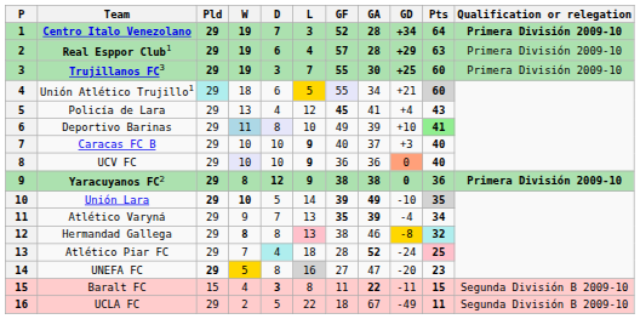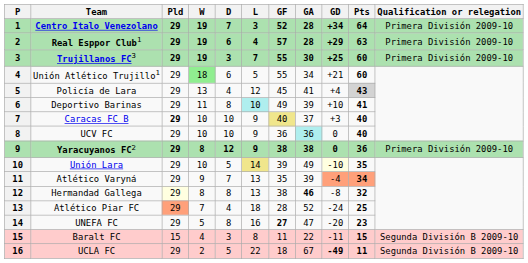 <table class="wikitable" style="text-align: center;">
 <tr>
 <th width=33>P<br></th>
 <th>Team<br></th>
 <th width=33>Pld<br></th>
 <th width=33>W<br></th>
 <th width=33>D<br></th>
 <th width=33>L<br></th>
 <th width=33>GF<br></th>
 <th width=33>GA<br></th>
 <th width=33>GD<br></th>
 <th width=33>Pts<br></th>
 <th>Qualification or relegation</th>
 </tr>
 <tr bgcolor=#ACE1AF>
 <td><strong>1</strong></td>
 <td><strong><a href='#'>Centro Italo Venezolano</a></strong></td>
 <td><strong>29</strong></td>
 <td><strong>19</strong></td>
 <td><strong>7</strong></td>
 <td><strong>3</strong></td>
 <td><strong>52</strong></td>
 <td><strong>28</strong></td>
 <td><strong>+34</strong></td>
 <td><strong>64</strong></td>
-<td><strong>Primera División 2009-10</strong></td>
+<td>Primera División 2009-10</td>
 </tr>
 <tr bgcolor=#ACE1AF>
 <td><strong>2</strong></td>
 <td><strong>Real Esppor Club</strong><sup><span>1</span></sup></td>
 <td><strong>29</strong></td>
 <td><strong>19</strong></td>
 <td><strong>6</strong></td>
 <td><strong>4</strong></td>
 <td><strong>57</strong></td>
 <td><strong>28</strong></td>
 <td><strong>+29</strong></td>
 <td><strong>63</strong></td>
 <td>Primera División 2009-10</td>
 </tr>
 <tr bgcolor=#ACE1AF>
 <td><strong>3</strong></td>
 <td><strong><a href='#'>Trujillanos FC</a></strong><sup><span>3</span></sup></td>
 <td><strong>29</strong></td>
 <td><strong>19</strong></td>
 <td><strong>3</strong></td>
 <td><strong>7</strong></td>
 <td><strong>55</strong></td>
 <td><strong>30</strong></td>
 <td><strong>+25</strong></td>
 <td><strong>60</strong></td>
 <td>Primera División 2009-10</td>
 </tr>
 <tr>
 <th>4</th>
 <td>Unión Atlético Trujillo<sup><span>1</span></sup></td>
-<td style="background: paleturquoise;">29</td>
-<td>18</td>
+<td>29</td>
+<td style="background: lightgreen;">18</td>
 <td>6</td>
-<td style="background: gold;">5</td>
-<td style="background: lavender;">55</td>
+<td>5</td>
+<td>55</td>
 <td>34</td>
 <td>+21</td>
-<td style="background: lightgrey;"><strong>60</strong></td>
+<td><strong>60</strong></td>
 </tr>
 <tr>
 <th>5</th>
 <td>Policía de Lara</td>
 <td>29</td>
 <td>13</td>
 <td>4</td>
 <td>12</td>
-<td><strong>45</strong></td>
+<td>45</td>
 <td>41</td>
 <td>+4</td>
-<td><strong>43</strong></td>
+<td style="background: lightgrey;"><strong>43</strong></td>
 </tr>
 <tr>
 <th>6</th>
 <td>Deportivo Barinas</td>
 <td>29</td>
-<td style="background: lightblue;">11</td>
-<td style="background: lavender;">8</td>
-<td>10</td>
+<td>11</td>
+<td>8</td>
+<td style="background: paleturquoise;">10</td>
 <td>49</td>
 <td>39</td>
 <td>+10</td>
-<td style="background: lightgreen;"><strong>41</strong></td>
+<td><strong>41</strong></td>
 </tr>
 <tr>
 <th>7</th>
 <td><a href='#'>Caracas FC B</a></td>
-<td>29</td>
+<td><strong>29</strong></td>
 <td>10</td>
 <td>10</td>
-<td><strong>9</strong></td>
-<td>40</td>
+<td>9</td>
+<td style="background: khaki;">40</td>
 <td>37</td>
 <td>+3</td>
 <td><strong>40</strong></td>
 </tr>
 <tr>
 <th>8</th>
 <td>UCV FC</td>
 <td>29</td>
-<td style="background: lavender;">10</td>
 <td>10</td>
-<td><strong>9</strong></td>
+<td>10</td>
+<td>9</td>
 <td>36</td>
-<td>36</td>
-<td style="background: lightsalmon;">0</td>
+<td style="background: paleturquoise;">36</td>
+<td>0</td>
 <td><strong>40</strong></td>
 </tr>
 <tr bgcolor=#ACE1AF>
 <td><strong>9</strong></td>
 <td><strong>Yaracuyanos FC</strong><sup><span>2</span></sup></td>
 <td><strong>29</strong></td>
 <td><strong>8</strong></td>
 <td><strong>12</strong></td>
 <td><strong>9</strong></td>
 <td><strong>38</strong></td>
 <td><strong>38</strong></td>
 <td><strong>0</strong></td>
 <td><strong>36</strong></td>
-<td><strong>Primera División 2009-10</strong></td>
+<td>Primera División 2009-10</td>
 </tr>
 <tr>
 <th>10</th>
 <td><a href='#'>Unión Lara</a></td>
-<td><strong>29</strong></td>
-<td><strong>10</strong></td>
+<td>29</td>
+<td>10</td>
 <td>5</td>
-<td>14</td>
-<td><strong>39</strong></td>
-<td><strong>49</strong></td>
-<td>-10</td>
-<td style="background: lightgrey;"><strong>35</strong></td>
+<td style="background: khaki;">14</td>
+<td>39</td>
+<td>49</td>
+<td style="background: lightyellow;">-10</td>
+<td><strong>35</strong></td>
 </tr>
 <tr>
 <th>11</th>
 <td>Atlético Varyná</td>
 <td>29</td>
 <td>9</td>
 <td>7</td>
 <td>13</td>
-<td><strong>35</strong></td>
-<td><strong>39</strong></td>
-<td>-4</td>
-<td><strong>34</strong></td>
+<td>35</td>
+<td>39</td>
+<td style="background: lightsalmon;">-4</td>
+<td style="background: lightsalmon;"><strong>34</strong></td>
 </tr>
 <tr>
 <th>12</th>
 <td>Hermandad Gallega</td>
-<td>29</td>
-<td><strong>8</strong></td>
+<td style="background: lightyellow;">29</td>
 <td>8</td>
-<td style="background: pink;">13</td>
+<td>8</td>
+<td>13</td>
 <td>38</td>
-<td>46</td>
-<td style="background: gold;">-8</td>
-<td style="background: paleturquoise;"><strong>32</strong></td>
+<td><strong>46</strong></td>
+<td>-8</td>
+<td><strong>32</strong></td>
 </tr>
 <tr>
 <th>13</th>
 <td>Atlético Piar FC</td>
-<td>29</td>
+<td style="background: lightsalmon;">29</td>
 <td>7</td>
-<td style="background: paleturquoise;">4</td>
+<td>4</td>
 <td>18</td>
 <td>28</td>
-<td><strong>52</strong></td>
+<td>52</td>
 <td>-24</td>
-<td style="background: pink;"><strong>25</strong></td>
+<td><strong>25</strong></td>
 </tr>
 <tr>
 <th>14</th>
 <td>UNEFA FC</td>
-<td><strong>29</strong></td>
-<td style="background: gold;">5</td>
+<td>29</td>
+<td>5</td>
 <td>8</td>
-<td style="background: lightgrey;">16</td>
-<td>27</td>
+<td>16</td>
+<td><strong>27</strong></td>
 <td>47</td>
 <td>-20</td>
 <td><strong>23</strong></td>
 </tr>
 <tr bgcolor=#FFCCCC>
 <td><strong>15</strong></td>
 <td>Baralt FC</td>
 <td>15</td>
 <td>4</td>
-<td><strong>3</strong></td>
+<td>3</td>
 <td>8</td>
 <td>11</td>
-<td><strong>22</strong></td>
+<td>22</td>
 <td>-11</td>
 <td><strong>15</strong></td>
 <td>Segunda División B 2009-10</td>
 </tr>
 <tr bgcolor=#FFCCCC>
 <td><strong>16</strong></td>
 <td>UCLA FC</td>
 <td>29</td>
 <td>2</td>
 <td>5</td>
 <td>22</td>
 <td>18</td>
 <td>67</td>
-<td>-49</td>
+<td><strong>-49</strong></td>
 <td><strong>11</strong></td>
 <td>Segunda División B 2009-10</td>
 </tr>
 </table>
